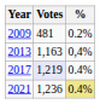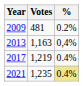 <table class="wikitable" style="display: inline-table;">
 <tr>
 <th>Year</th>
 <th>Votes</th>
 <th>%</th>
 </tr>
 <tr>
 <td><a href='#'>2009</a></td>
 <td>481</td>
 <td>0.2%</td>
 </tr>
 <tr>
 <td><a href='#'>2013</a></td>
 <td>1,163</td>
 <td>0,4%</td>
 </tr>
 <tr>
 <td><a href='#'>2017</a></td>
-<td style="background: lavender;">1,219</td>
+<td>1,219</td>
 <td>0.4%</td>
 </tr>
 <tr>
 <td><a href='#'>2021</a></td>
-<td>1,236</td>
+<td>1,235</td>
 <td style="background: khaki;">0.4%</td>
 </tr>
 </table>
